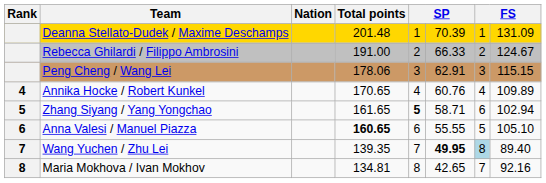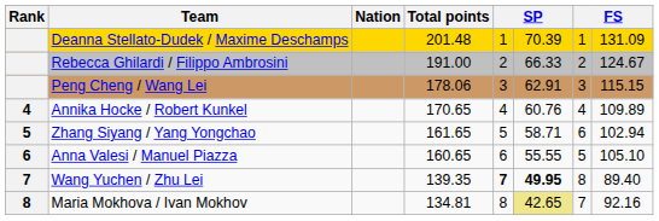 <table class="wikitable sortable" style="text-align:left">
 <tr>
 <th scope="col">Rank</th>
 <th scope="col">Team</th>
 <th scope="col">Nation</th>
 <th scope="col">Total points</th>
 <th scope="col" colspan="2" width="80px"><a href='#'>SP</a></th>
 <th scope="col" colspan="2" width="80px"><a href='#'>FS</a></th>
 </tr>
 <tr bgcolor="gold">
 <th scope="row"></th>
 <td><a href='#'>Deanna Stellato-Dudek</a> / <a href='#'>Maxime Deschamps</a></td>
 <td></td>
 <td align="center">201.48</td>
 <td align="center">1</td>
 <td align="center">70.39</td>
 <td align="center">1</td>
 <td align="center">131.09</td>
 </tr>
 <tr bgcolor="silver">
 <th scope="row"></th>
 <td><a href='#'>Rebecca Ghilardi</a> / <a href='#'>Filippo Ambrosini</a></td>
 <td></td>
 <td align="center">191.00</td>
 <td align="center">2</td>
 <td align="center">66.33</td>
 <td align="center">2</td>
 <td align="center">124.67</td>
 </tr>
 <tr bgcolor="cc9966">
 <th scope="row"></th>
 <td><a href='#'>Peng Cheng</a> / <a href='#'>Wang Lei</a></td>
 <td></td>
 <td align="center">178.06</td>
 <td align="center">3</td>
 <td align="center">62.91</td>
 <td align="center">3</td>
 <td align="center">115.15</td>
 </tr>
 <tr>
 <th scope="row">4</th>
 <td><a href='#'>Annika Hocke</a> / <a href='#'>Robert Kunkel</a></td>
 <td></td>
 <td align="center">170.65</td>
 <td align="center">4</td>
 <td align="center">60.76</td>
 <td align="center">4</td>
 <td align="center">109.89</td>
 </tr>
 <tr>
 <th scope="row">5</th>
 <td><a href='#'>Zhang Siyang</a> / <a href='#'>Yang Yongchao</a></td>
 <td></td>
 <td align="center">161.65</td>
-<td align="center"><strong>5</strong></td>
+<td align="center">5</td>
 <td align="center">58.71</td>
 <td align="center">6</td>
 <td align="center">102.94</td>
 </tr>
 <tr>
 <th scope="row">6</th>
 <td><a href='#'>Anna Valesi</a> / <a href='#'>Manuel Piazza</a></td>
 <td></td>
-<td align="center"><strong>160.65</strong></td>
+<td align="center">160.65</td>
 <td align="center">6</td>
 <td align="center">55.55</td>
 <td align="center">5</td>
 <td align="center">105.10</td>
 </tr>
 <tr>
 <th scope="row">7</th>
 <td><a href='#'>Wang Yuchen</a> / <a href='#'>Zhu Lei</a></td>
 <td></td>
 <td align="center">139.35</td>
-<td align="center">7</td>
+<td align="center"><strong>7</strong></td>
 <td align="center"><strong>49.95</strong></td>
-<td align="center" style="background: lightblue;">8</td>
+<td align="center">8</td>
 <td align="center">89.40</td>
 </tr>
 <tr>
 <th scope="row">8</th>
 <td>Maria Mokhova / Ivan Mokhov</td>
 <td></td>
 <td align="center">134.81</td>
 <td align="center">8</td>
-<td align="center">42.65</td>
+<td align="center" style="background: khaki;">42.65</td>
 <td align="center">7</td>
 <td align="center">92.16</td>
 </tr>
 </table>
